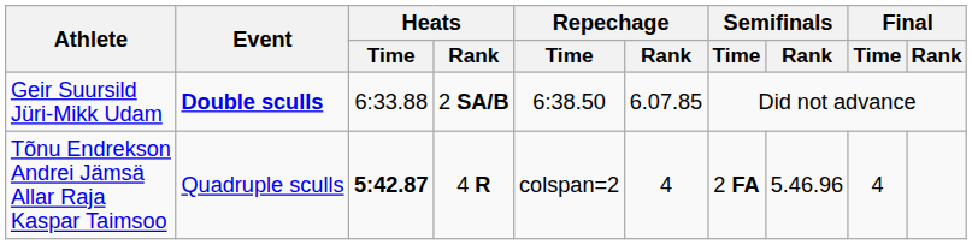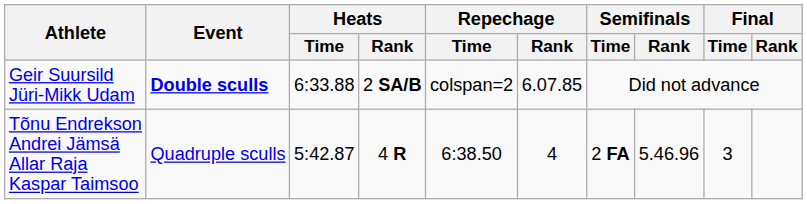 <table class="wikitable" style="font-size:90%">
 <tr>
 <th rowspan="2">Athlete</th>
 <th rowspan="2">Event</th>
 <th colspan="2">Heats</th>
 <th colspan="2">Repechage</th>
 <th colspan="2">Semifinals</th>
 <th colspan="2">Final</th>
 </tr>
 <tr style="font-size:95%">
 <th>Time</th>
 <th>Rank</th>
 <th>Time</th>
 <th>Rank</th>
 <th>Time</th>
 <th>Rank</th>
 <th>Time</th>
 <th>Rank</th>
 </tr>
 <tr align=center>
 <td align=left><a href='#'>Geir Suursild</a><br><a href='#'>Jüri-Mikk Udam</a></td>
 <td align=left><strong><a href='#'>Double sculls</a></strong></td>
 <td>6:33.88</td>
 <td>2 <strong>SA/B</strong></td>
-<td>6:38.50</td>
+<td>colspan=2 </td>
 <td>6.07.85</td>
 <td colspan=4>Did not advance</td>
 </tr>
 <tr align=center>
 <td align=left><a href='#'>Tõnu Endrekson</a><br><a href='#'>Andrei Jämsä</a><br><a href='#'>Allar Raja</a><br><a href='#'>Kaspar Taimsoo</a></td>
 <td align=left><a href='#'>Quadruple sculls</a></td>
-<td><strong>5:42.87</strong></td>
+<td>5:42.87</td>
 <td>4 <strong>R</strong></td>
-<td>colspan=2 </td>
+<td>6:38.50</td>
 <td>4</td>
 <td>2 <strong>FA</strong></td>
 <td>5.46.96</td>
-<td>4</td>
+<td>3</td>
 </tr>
 </table>
